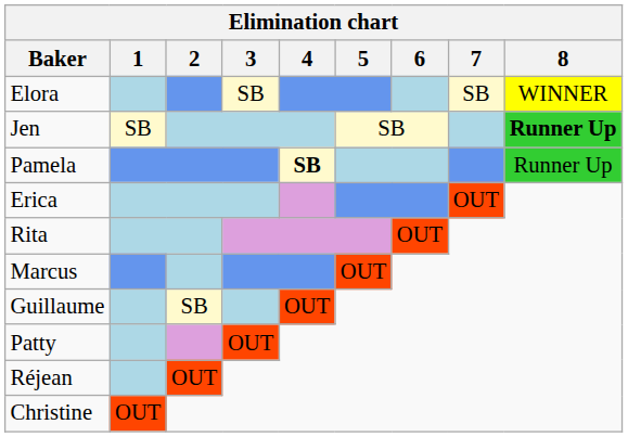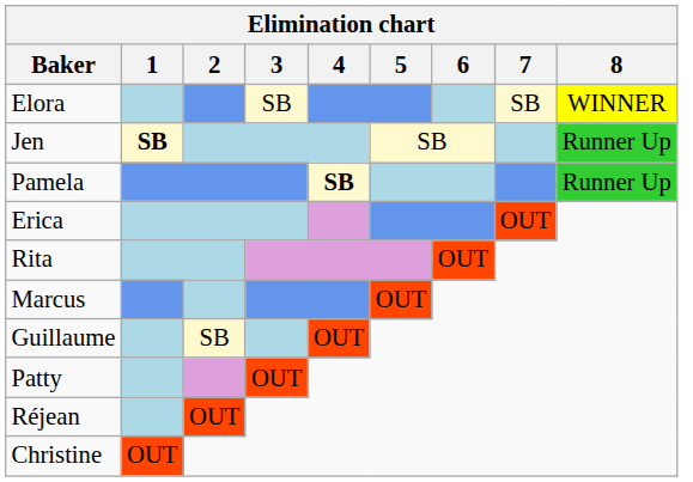 <table class="wikitable" style="text-align:center">
 <tr>
 <th ! colspan="16">Elimination chart</th>
 </tr>
 <tr 7373>
 <th>Baker</th>
 <th>1</th>
 <th>2</th>
 <th>3</th>
 <th>4</th>
 <th>5</th>
 <th>6</th>
 <th>7</th>
 <th>8</th>
 </tr>
 <tr>
 <td align="left">Elora</td>
 <td style="background:Lightblue;"></td>
 <td style="background:Cornflowerblue;"></td>
 <td style="background:LemonChiffon;">SB</td>
 <td colspan="2" style="background:Cornflowerblue;"></td>
 <td style="background:Lightblue;"></td>
 <td style="background:LemonChiffon;">SB</td>
 <td style="background:Yellow;">WINNER</td>
 </tr>
 <tr>
 <td align="left">Jen</td>
-<td style="background:LemonChiffon;">SB</td>
+<td style="background:LemonChiffon;"><strong>SB</strong></td>
 <td colspan="3" style="background:Lightblue;"></td>
 <td colspan="2" style="background:LemonChiffon;">SB</td>
 <td style="background:Lightblue;"></td>
-<td style="background:LimeGreen;"><strong>Runner Up</strong></td>
+<td style="background:LimeGreen;">Runner Up</td>
 </tr>
 <tr>
 <td align="left">Pamela</td>
 <td colspan="3" style="background:Cornflowerblue;"></td>
 <td style="background:LemonChiffon;"><strong>SB</strong></td>
 <td colspan="2" style="background:Lightblue;"></td>
 <td style="background:Cornflowerblue;"></td>
 <td style="background:LimeGreen;">Runner Up</td>
 </tr>
 <tr>
 <td align="left">Erica</td>
 <td colspan="3" style="background:Lightblue;"></td>
 <td style="background:Plum;"></td>
 <td colspan="2" style="background:Cornflowerblue;"></td>
 <td style="background:orangered;">OUT</td>
 </tr>
 <tr>
 <td align="left">Rita</td>
 <td colspan="2" style="background:Lightblue;"></td>
 <td colspan="3" style="background:Plum;"></td>
 <td style="background:orangered;">OUT</td>
 </tr>
 <tr>
 <td align="left">Marcus</td>
 <td style="background:Cornflowerblue;"></td>
 <td style="background:Lightblue;"></td>
 <td colspan="2" style="background:Cornflowerblue;"></td>
 <td style="background:orangered;">OUT</td>
 </tr>
 <tr>
 <td align="left">Guillaume</td>
 <td style="background:Lightblue;"></td>
 <td style="background:LemonChiffon;">SB</td>
 <td style="background:Lightblue;"></td>
 <td style="background:orangered;">OUT</td>
 </tr>
 <tr>
 <td align="left">Patty</td>
 <td style="background:Lightblue;"></td>
 <td style="background:Plum;"></td>
 <td style="background:orangered;">OUT</td>
 </tr>
 <tr>
 <td align="left">Réjean</td>
 <td style="background:Lightblue;"></td>
 <td style="background:orangered;">OUT</td>
 </tr>
 <tr>
 <td align="left">Christine</td>
 <td style="background:orangered;">OUT</td>
 </tr>
 </table>
